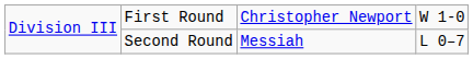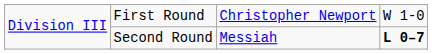 <table class="wikitable">
 <tr>
 <td rowspan="2"><a href='#'>Division III</a></td>
 <td>First Round</td>
 <td><a href='#'>Christopher Newport</a></td>
 <td>W 1-0</td>
 </tr>
 <tr>
 <td>Second Round</td>
 <td><a href='#'>Messiah</a></td>
-<td>L 0–7</td>
+<td><strong>L 0–7</strong></td>
 </tr>
 </table>
